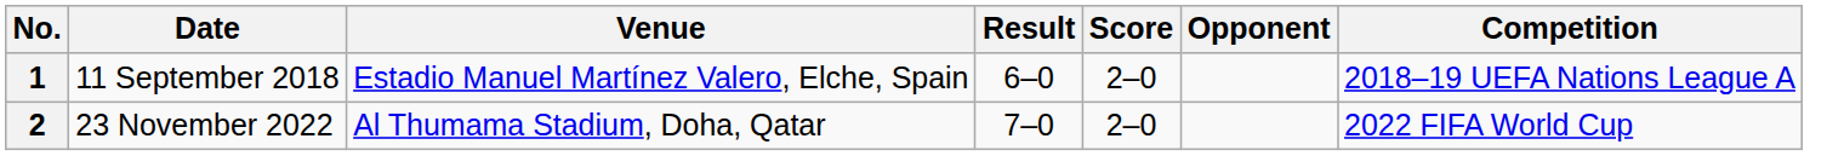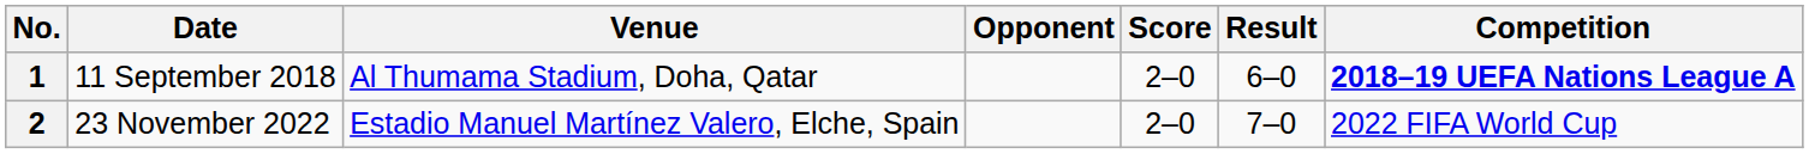 <table class="wikitable sortable plainrowheaders">
 <tr>
 <th scope="col">No.</th>
 <th scope="col">Date</th>
 <th scope="col">Venue</th>
+<th scope="col">Opponent</th>
+<th scope="col">Score</th>
 <th scope="col">Result</th>
-<th scope="col">Score</th>
-<th scope="col">Opponent</th>
 <th scope="col">Competition</th>
 </tr>
 <tr>
 <th scope="row" style="text-align:center">1</th>
 <td>11 September 2018</td>
-<td><a href='#'>Estadio Manuel Martínez Valero</a>, Elche, Spain</td>
+<td><a href='#'>Al Thumama Stadium</a>, Doha, Qatar</td>
+<td></td>
+<td align="center">2–0</td>
 <td align="center">6–0</td>
-<td align="center">2–0</td>
-<td></td>
-<td><a href='#'>2018–19 UEFA Nations League A</a></td>
+<td><strong><a href='#'>2018–19 UEFA Nations League A</a></strong></td>
 </tr>
 <tr>
 <th scope="row" style="text-align:center">2</th>
 <td>23 November 2022</td>
-<td><a href='#'>Al Thumama Stadium</a>, Doha, Qatar</td>
+<td><a href='#'>Estadio Manuel Martínez Valero</a>, Elche, Spain</td>
+<td></td>
+<td align="center">2–0</td>
 <td align="center">7–0</td>
-<td align="center">2–0</td>
-<td></td>
 <td><a href='#'>2022 FIFA World Cup</a></td>
 </tr>
 </table>
